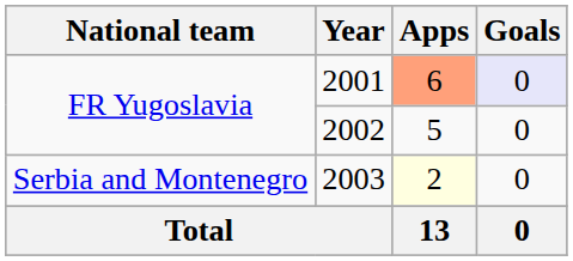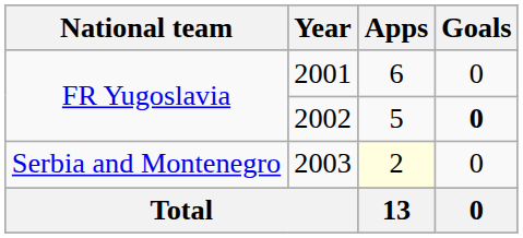 <table class="wikitable" style="text-align:center">
 <tr>
 <th>National team</th>
 <th>Year</th>
 <th>Apps</th>
 <th>Goals</th>
 </tr>
 <tr>
 <td rowspan="2"><a href='#'>FR Yugoslavia</a></td>
 <td>2001</td>
-<td style="background: lightsalmon;">6</td>
-<td style="background: lavender;">0</td>
+<td>6</td>
+<td>0</td>
 </tr>
 <tr>
 <td>2002</td>
 <td>5</td>
-<td>0</td>
+<td><strong>0</strong></td>
 </tr>
 <tr>
 <td><a href='#'>Serbia and Montenegro</a></td>
 <td>2003</td>
 <td style="background: lightyellow;">2</td>
 <td>0</td>
 </tr>
 <tr>
 <th colspan="2">Total</th>
 <th>13</th>
 <th>0</th>
 </tr>
 </table>
